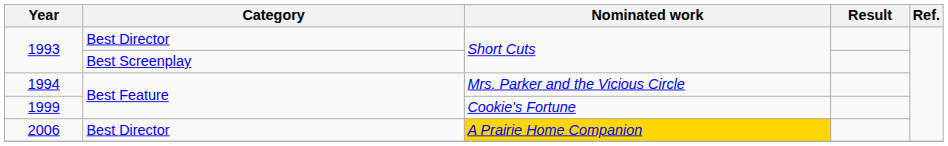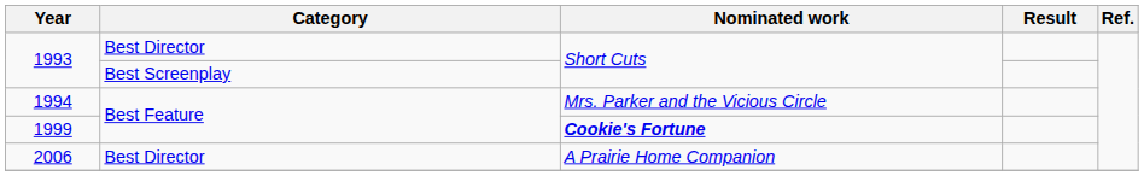 <table class=wikitable>
 <tr>
 <th scope="col" style="width:5em;">Year</th>
 <th scope="col" style="width:26em;">Category</th>
 <th scope="col" style="width:25em;">Nominated work</th>
 <th scope="col" style="width:5em;">Result</th>
 <th>Ref.</th>
 </tr>
 <tr>
 <td style="text-align:center;", rowspan=2><a href='#'>1993</a></td>
 <td><a href='#'>Best Director</a></td>
 <td rowspan="2"><em><a href='#'>Short Cuts</a></em></td>
 <td></td>
 <td rowspan=5></td>
 </tr>
 <tr>
 <td><a href='#'>Best Screenplay</a></td>
 <td></td>
 </tr>
 <tr>
 <td style="text-align:center;"><a href='#'>1994</a></td>
 <td rowspan="2"><a href='#'>Best Feature</a></td>
 <td><em><a href='#'>Mrs. Parker and the Vicious Circle</a></em></td>
 <td></td>
 </tr>
 <tr>
 <td style="text-align:center;"><a href='#'>1999</a></td>
-<td><em><a href='#'>Cookie's Fortune</a></em></td>
+<td><strong><em><a href='#'>Cookie's Fortune</a></em></strong></td>
 <td></td>
 </tr>
 <tr>
 <td style="text-align:center;"><a href='#'>2006</a></td>
 <td><a href='#'>Best Director</a></td>
-<td style="background: gold;"><em><a href='#'>A Prairie Home Companion</a></em></td>
+<td><em><a href='#'>A Prairie Home Companion</a></em></td>
 <td></td>
 </tr>
 <tr>
 </tr>
 </table>
